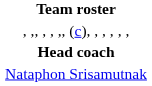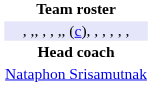 <table style="text-align: center; margin-top: 2em; margin-left: auto; margin-right: auto">
 <tr>
 <td><strong>Team roster</strong></td>
 </tr>
 <tr>
-<td>, ,, , , ,,  (<a href='#'>c</a>), , ,  , , , </td>
+<td style="background: lavender;">, ,, , , ,,  (<a href='#'>c</a>), , ,  , , , </td>
 </tr>
 <tr>
 <td><strong>Head coach</strong></td>
 </tr>
 <tr>
 <td><a href='#'>Nataphon Srisamutnak</a></td>
 </tr>
 </table>
